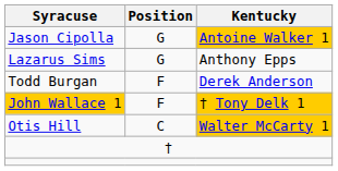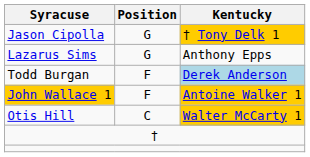 <table class="wikitable">
 <tr>
 <th>Syracuse</th>
 <th colspan="2">Position</th>
 <th>Kentucky</th>
 </tr>
 <tr>
 <td><a href='#'>Jason Cipolla</a></td>
 <td colspan=2 style="text-align:center">G</td>
-<td style="background:#ffcc00"><a href='#'>Antoine Walker</a> 1</td>
+<td style="background:#ffcc00">† <a href='#'>Tony Delk</a> 1</td>
 </tr>
 <tr>
 <td><a href='#'>Lazarus Sims</a></td>
 <td colspan=2 style="text-align:center">G</td>
 <td>Anthony Epps</td>
 </tr>
 <tr>
 <td>Todd Burgan</td>
 <td colspan=2 style="text-align:center">F</td>
-<td><a href='#'>Derek Anderson</a></td>
+<td style="background: lightblue;"><a href='#'>Derek Anderson</a></td>
 </tr>
 <tr>
 <td style="background:#ffcc00"><a href='#'>John Wallace</a> 1</td>
 <td colspan=2 style="text-align:center">F</td>
-<td style="background:#ffcc00">† <a href='#'>Tony Delk</a> 1</td>
+<td style="background:#ffcc00"><a href='#'>Antoine Walker</a> 1</td>
 </tr>
 <tr>
 <td><a href='#'>Otis Hill</a></td>
 <td colspan=2 style="text-align:center">C</td>
 <td style="background:#ffcc00"><a href='#'>Walter McCarty</a> 1</td>
 </tr>
 <tr>
 <td colspan="5" align=center>† </td>
 </tr>
 <tr>
 <td colspan="5" align=center></td>
 </tr>
 </table>
